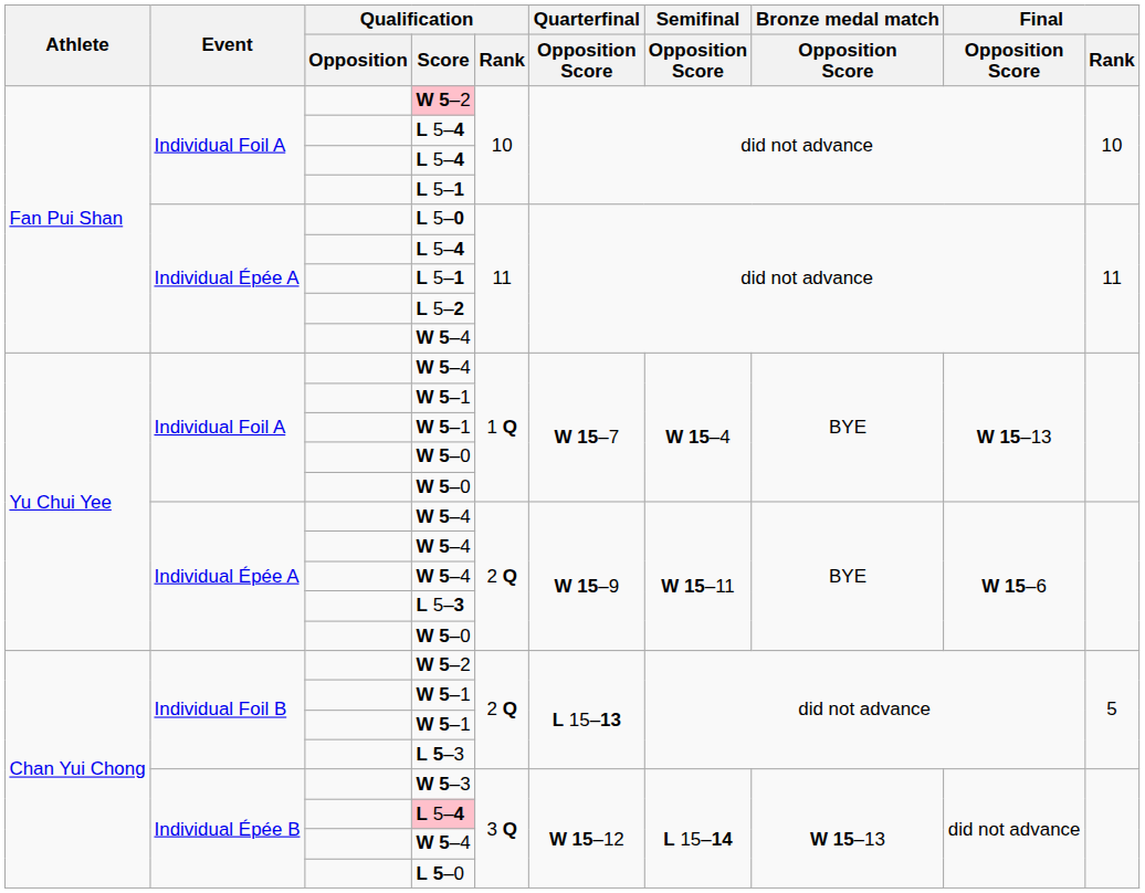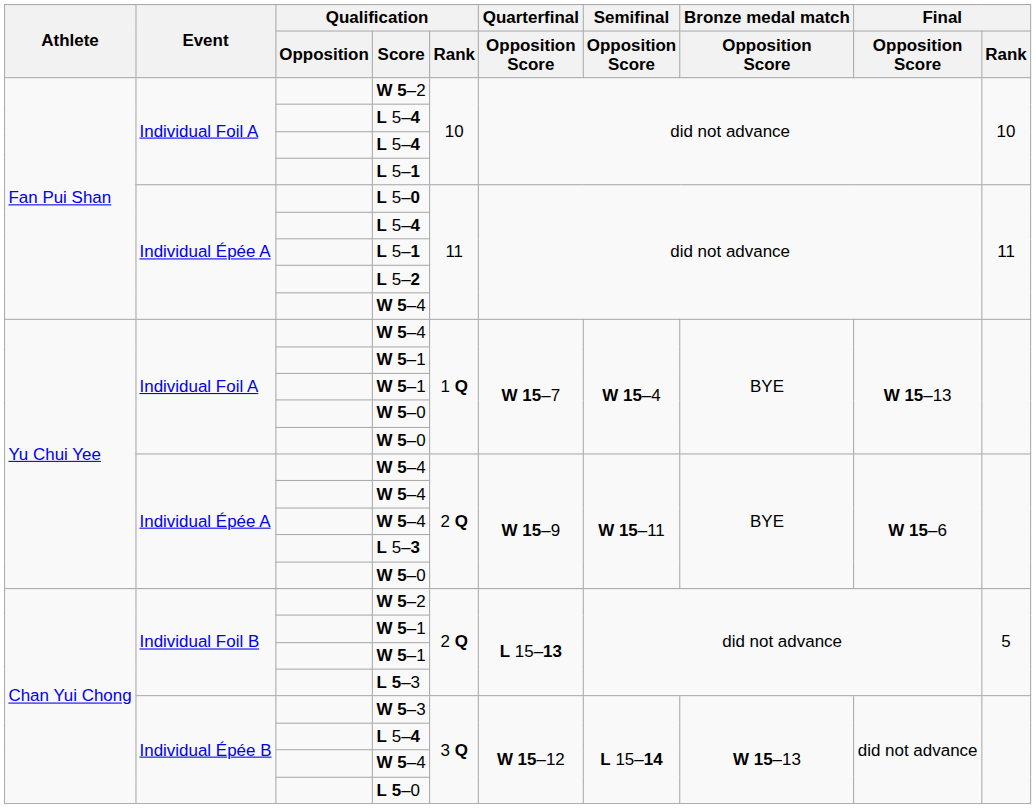 <table class=wikitable>
 <tr>
 <th rowspan="2">Athlete</th>
 <th rowspan="2">Event</th>
 <th colspan="3">Qualification</th>
 <th>Quarterfinal</th>
 <th>Semifinal</th>
 <th>Bronze medal match</th>
 <th colspan="2">Final</th>
 </tr>
 <tr>
 <th>Opposition</th>
 <th>Score</th>
 <th>Rank</th>
 <th>Opposition<br>Score</th>
 <th>Opposition<br>Score</th>
 <th>Opposition<br>Score</th>
 <th>Opposition<br>Score</th>
 <th>Rank</th>
 </tr>
 <tr>
 <td rowspan="9"><a href='#'>Fan Pui Shan</a></td>
 <td rowspan=4><a href='#'>Individual Foil A</a></td>
 <td></td>
-<td style="background: pink;"><strong>W</strong> <strong>5</strong>–2</td>
+<td><strong>W</strong> <strong>5</strong>–2</td>
 <td align="center" rowspan=4>10</td>
 <td align="center" rowspan=4 colspan="4">did not advance</td>
 <td align="center" rowspan=4>10</td>
 </tr>
 <tr>
 <td></td>
 <td><strong>L</strong> 5–<strong>4</strong></td>
 </tr>
 <tr>
 <td></td>
 <td><strong>L</strong> 5–<strong>4</strong></td>
 </tr>
 <tr>
 <td></td>
 <td><strong>L</strong> 5–<strong>1</strong></td>
 </tr>
 <tr>
 <td rowspan=5><a href='#'>Individual Épée A</a></td>
 <td></td>
 <td><strong>L</strong> 5–<strong>0</strong></td>
 <td align="center" rowspan=5>11</td>
 <td align="center" rowspan=5 colspan="4">did not advance</td>
 <td align="center" rowspan=5>11</td>
 </tr>
 <tr>
 <td></td>
 <td><strong>L</strong> 5–<strong>4</strong></td>
 </tr>
 <tr>
 <td></td>
 <td><strong>L</strong> 5–<strong>1</strong></td>
 </tr>
 <tr>
 <td></td>
 <td><strong>L</strong> 5–<strong>2</strong></td>
 </tr>
 <tr>
 <td></td>
 <td><strong>W</strong> <strong>5</strong>–4</td>
 </tr>
 <tr>
 <td rowspan="10"><a href='#'>Yu Chui Yee</a></td>
 <td rowspan=5><a href='#'>Individual Foil A</a></td>
 <td></td>
 <td><strong>W</strong> <strong>5</strong>–4</td>
 <td align="center" rowspan=5>1 <strong>Q</strong></td>
 <td align="center" rowspan=5> <br> <strong>W</strong> <strong>15</strong>–7</td>
 <td align="center" rowspan=5> <br> <strong>W</strong> <strong>15</strong>–4</td>
 <td align="center" rowspan=5>BYE</td>
 <td align="center" rowspan=5><br> <strong>W</strong> <strong>15</strong>–13</td>
 <td align="center" rowspan=5></td>
 </tr>
 <tr>
 <td></td>
 <td><strong>W</strong> <strong>5</strong>–1</td>
 </tr>
 <tr>
 <td></td>
 <td><strong>W</strong> <strong>5</strong>–1</td>
 </tr>
 <tr>
 <td></td>
 <td><strong>W</strong> <strong>5</strong>–0</td>
 </tr>
 <tr>
 <td></td>
 <td><strong>W</strong> <strong>5</strong>–0</td>
 </tr>
 <tr>
 <td rowspan=5><a href='#'>Individual Épée A</a></td>
 <td></td>
 <td><strong>W</strong> <strong>5</strong>–4</td>
 <td align="center" rowspan=5>2 <strong>Q</strong></td>
 <td align="center" rowspan=5><br><strong>W</strong> <strong>15</strong>–9</td>
 <td align="center" rowspan=5><br> <strong>W</strong> <strong>15</strong>–11</td>
 <td align="center" rowspan=5>BYE</td>
 <td align="center" rowspan=5> <br> <strong>W</strong> <strong>15</strong>–6</td>
 <td align="center" rowspan=5></td>
 </tr>
 <tr>
 <td></td>
 <td><strong>W</strong> <strong>5</strong>–4</td>
 </tr>
 <tr>
 <td></td>
 <td><strong>W</strong> <strong>5</strong>–4</td>
 </tr>
 <tr>
 <td></td>
 <td><strong>L</strong> 5–<strong>3</strong></td>
 </tr>
 <tr>
 <td></td>
 <td><strong>W</strong> <strong>5</strong>–0</td>
 </tr>
 <tr>
 <td rowspan="8"><a href='#'>Chan Yui Chong</a></td>
 <td rowspan=4><a href='#'>Individual Foil B</a></td>
 <td></td>
 <td><strong>W</strong> <strong>5</strong>–2<br></td>
 <td align="center" rowspan=4>2 <strong>Q</strong></td>
 <td align="center" rowspan=4><br><strong>L</strong> 15–<strong>13</strong></td>
 <td align="center" rowspan=4 colspan="3">did not advance</td>
 <td align="center" rowspan=4>5</td>
 </tr>
 <tr>
 <td></td>
 <td><strong>W</strong> <strong>5</strong>–1</td>
 </tr>
 <tr>
 <td></td>
 <td><strong>W</strong> <strong>5</strong>–1</td>
 </tr>
 <tr>
 <td></td>
 <td><strong>L</strong> <strong>5</strong>–3</td>
 </tr>
 <tr>
 <td rowspan=4><a href='#'>Individual Épée B</a></td>
 <td></td>
 <td><strong>W</strong> <strong>5</strong>–3</td>
 <td align="center" rowspan=4>3 <strong>Q</strong></td>
 <td align="center" rowspan=4><br><strong>W</strong> <strong>15</strong>–12</td>
 <td align="center" rowspan=4><br> <strong>L</strong> 15–<strong>14</strong></td>
 <td align="center" rowspan=4><br><strong>W</strong> <strong>15</strong>–13</td>
 <td align="center" rowspan=4>did not advance</td>
 <td align="center" rowspan=4></td>
 </tr>
 <tr>
 <td></td>
-<td style="background: pink;"><strong>L</strong> 5–<strong>4</strong></td>
+<td><strong>L</strong> 5–<strong>4</strong></td>
 </tr>
 <tr>
 <td></td>
 <td><strong>W</strong> <strong>5</strong>–4</td>
 </tr>
 <tr>
 <td></td>
 <td><strong>L</strong> <strong>5</strong>–0</td>
 </tr>
 <tr>
 </tr>
 </table>
